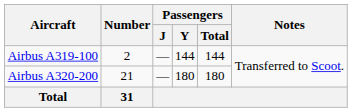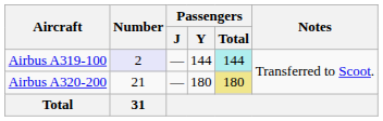 <table class="wikitable" style="margin:1em auto; border-collapse:collapse;text-align:center;">
 <tr>
 <th rowspan=2>Aircraft</th>
 <th rowspan=2>Number</th>
 <th colspan=3>Passengers</th>
 <th rowspan=2>Notes</th>
 </tr>
 <tr>
 <th><abbr>J</abbr></th>
 <th><abbr>Y</abbr></th>
 <th>Total</th>
 </tr>
 <tr>
 <td><a href='#'>Airbus A319-100</a></td>
-<td>2</td>
+<td style="background: lavender;">2</td>
 <td>—</td>
 <td>144</td>
-<td>144</td>
+<td style="background: paleturquoise;">144</td>
 <td rowspan="2">Transferred to <a href='#'>Scoot</a>.</td>
 </tr>
 <tr>
 <td><a href='#'>Airbus A320-200</a></td>
 <td>21</td>
 <td>—</td>
 <td>180</td>
-<td>180</td>
+<td style="background: khaki;">180</td>
 </tr>
 <tr>
 <th>Total</th>
 <th>31</th>
 <th colspan="4"></th>
 </tr>
 </table>
